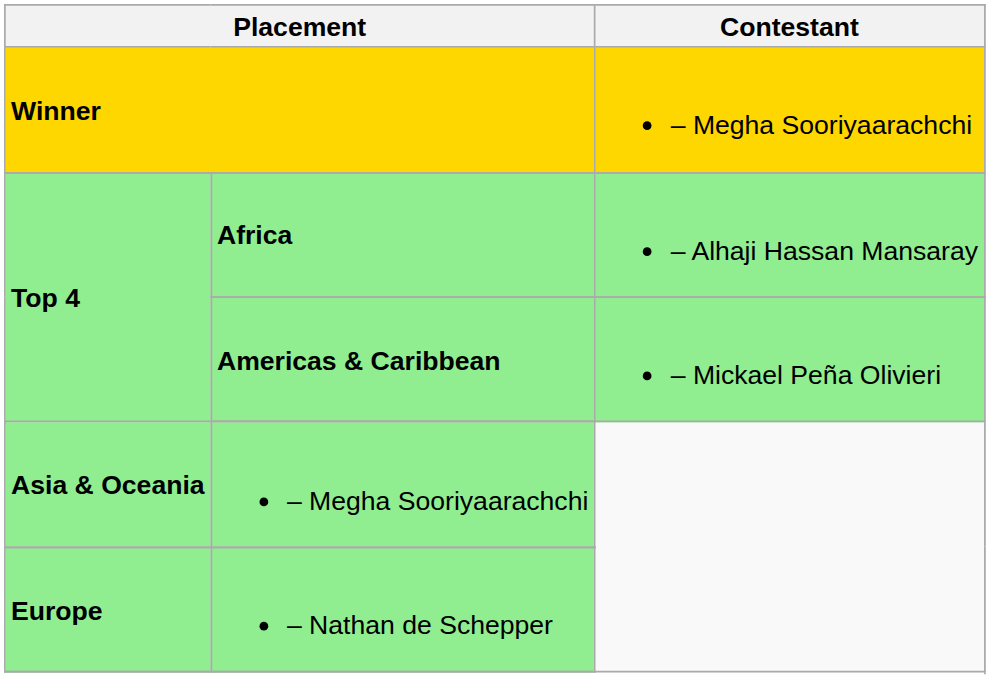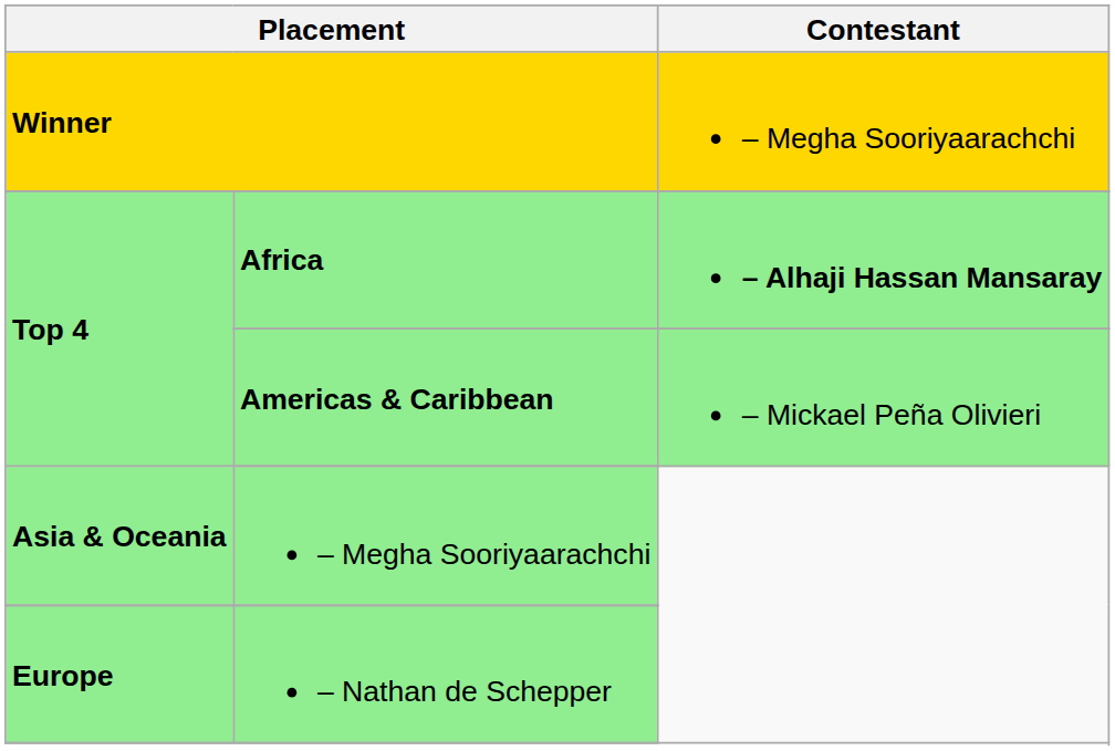 <table class="wikitable sortable" style="font-size:95%;">
 <tr>
 <th colspan=2>Placement</th>
 <th>Contestant</th>
 </tr>
 <tr style="background:gold;">
 <td colspan=2><strong>Winner</strong></td>
 <td><br><ul><li> – Megha Sooriyaarachchi</li></ul></td>
 </tr>
 <tr>
 </tr>
 <tr style="background:lightgreen;">
 <td rowspan="5"><strong>Top 4</strong></td>
 </tr>
 <tr style="background:lightgreen;">
 <td><strong>Africa</strong></td>
-<td><br><ul><li> – Alhaji Hassan Mansaray</li></ul></td>
+<td><strong><br><ul><li> – Alhaji Hassan Mansaray</li></ul></strong></td>
 </tr>
 <tr>
 </tr>
 <tr style="background:lightgreen;">
 <td><strong>Americas & Caribbean</strong></td>
 <td><br><ul><li> – Mickael Peña Olivieri</li></ul></td>
 </tr>
 <tr>
 </tr>
 <tr style="background:lightgreen;">
 <td><strong>Asia & Oceania</strong></td>
 <td><br><ul><li> – Megha Sooriyaarachchi</li></ul></td>
 </tr>
 <tr>
 </tr>
 <tr style="background:lightgreen;">
 <td><strong>Europe</strong></td>
 <td><br><ul><li> – Nathan de Schepper</li></ul></td>
 </tr>
 <tr>
 </tr>
 </table>
